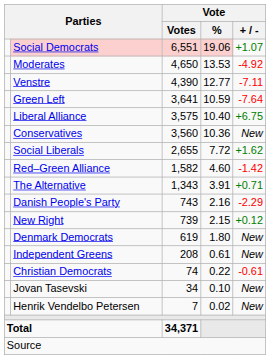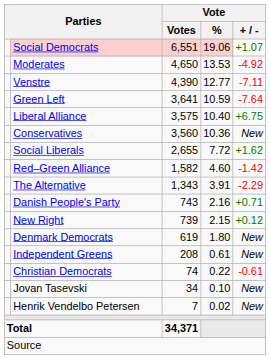 <table class="wikitable" style="text-align:right;">
 <tr>
 <th style="text-align:centre;" rowspan="2" colspan="2" width="225">Parties</th>
 <th colspan="3">Vote</th>
 </tr>
 <tr>
 <th width="15">Votes</th>
 <th width="15">%</th>
 <th width="15">+ / -</th>
 </tr>
 <tr>
 <td width="2" style="color:inherit;background:"></td>
 <td bgcolor=#fbd0ce  align="left"><a href='#'>Social Democrats</a></td>
 <td bgcolor=#fbd0ce>6,551</td>
 <td bgcolor=#fbd0ce>19.06</td>
 <td style=color:green;>+1.07</td>
 </tr>
 <tr>
 <td width="2" style="color:inherit;background:"></td>
 <td align="left"><a href='#'>Moderates</a></td>
 <td>4,650</td>
 <td>13.53</td>
 <td style=color:red;>-4.92</td>
 </tr>
 <tr>
 <td width="2" style="color:inherit;background:"></td>
 <td align="left"><a href='#'>Venstre</a></td>
 <td>4,390</td>
 <td>12.77</td>
 <td style=color:red;>-7.11</td>
 </tr>
 <tr>
 <td width="2" style="color:inherit;background:"></td>
 <td align="left"><a href='#'>Green Left</a></td>
 <td>3,641</td>
 <td>10.59</td>
 <td style=color:red;>-7.64</td>
 </tr>
 <tr>
 <td width="2" style="color:inherit;background:"></td>
 <td align="left"><a href='#'>Liberal Alliance</a></td>
 <td>3,575</td>
 <td>10.40</td>
 <td style=color:green;>+6.75</td>
 </tr>
 <tr>
 <td width="2" style="color:inherit;background:"></td>
 <td align="left"><a href='#'>Conservatives</a></td>
 <td>3,560</td>
 <td>10.36</td>
 <td><em>New</em></td>
 </tr>
 <tr>
 <td width="2" style="color:inherit;background:"></td>
 <td align="left"><a href='#'>Social Liberals</a></td>
 <td>2,655</td>
 <td>7.72</td>
 <td style=color:green;>+1.62</td>
 </tr>
 <tr>
 <td width="2" style="color:inherit;background:"></td>
 <td align="left"><a href='#'>Red–Green Alliance</a></td>
 <td>1,582</td>
 <td>4.60</td>
 <td style=color:red;>-1.42</td>
 </tr>
 <tr>
 <td width="2" style="color:inherit;background:"></td>
 <td align="left"><a href='#'>The Alternative</a></td>
 <td>1,343</td>
 <td>3.91</td>
-<td style=color:green;>+0.71</td>
+<td style=color:red;>-2.29</td>
 </tr>
 <tr>
 <td width="2" style="color:inherit;background:"></td>
 <td align="left"><a href='#'>Danish People's Party</a></td>
 <td>743</td>
 <td>2.16</td>
-<td style=color:red;>-2.29</td>
+<td style=color:green;>+0.71</td>
 </tr>
 <tr>
 <td width="2" style="color:inherit;background:"></td>
 <td align="left"><a href='#'>New Right</a></td>
 <td>739</td>
 <td>2.15</td>
 <td style=color:green;>+0.12</td>
 </tr>
 <tr>
 <td width="2" style="color:inherit;background:"></td>
 <td align="left"><a href='#'>Denmark Democrats</a></td>
 <td>619</td>
 <td>1.80</td>
 <td><em>New</em></td>
 </tr>
 <tr>
 <td width="2" style="color:inherit;background:"></td>
 <td align="left"><a href='#'>Independent Greens</a></td>
 <td>208</td>
 <td>0.61</td>
 <td><em>New</em></td>
 </tr>
 <tr>
 <td width="2" style="color:inherit;background:"></td>
 <td align="left"><a href='#'>Christian Democrats</a></td>
 <td>74</td>
 <td>0.22</td>
 <td style=color:red;>-0.61</td>
 </tr>
 <tr>
 <td width="2" style="color:inherit;background:"></td>
 <td align="left">Jovan Tasevski</td>
 <td>34</td>
 <td>0.10</td>
 <td><em>New</em></td>
 </tr>
 <tr>
 <td width="2" style="color:inherit;background:"></td>
 <td align="left">Henrik Vendelbo Petersen</td>
 <td>7</td>
 <td>0.02</td>
 <td><em>New</em></td>
 </tr>
 <tr>
 <td colspan="7" bgcolor="#E9E9E9"></td>
 </tr>
 <tr>
 <td align="left" colspan="2"><strong>Total</strong></td>
 <td><strong>34,371</strong></td>
 <td bgcolor="#E9E9E9" colspan="2"></td>
 </tr>
 <tr>
 <td align="left" colspan="6">Source</td>
 </tr>
 </table>
